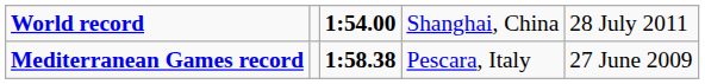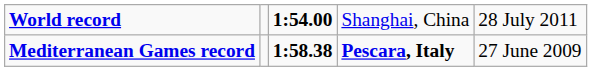 <table class="wikitable">
 <tr>
 <td><strong><a href='#'>World record</a></strong></td>
 <td></td>
 <td><strong>1:54.00</strong></td>
 <td><a href='#'>Shanghai</a>, China</td>
 <td>28 July 2011</td>
 </tr>
 <tr>
 <td><strong><a href='#'>Mediterranean Games record</a></strong></td>
 <td></td>
 <td><strong>1:58.38</strong></td>
-<td><a href='#'>Pescara</a>, Italy</td>
+<td><strong><a href='#'>Pescara</a>, Italy</strong></td>
 <td>27 June 2009</td>
 </tr>
 </table>
